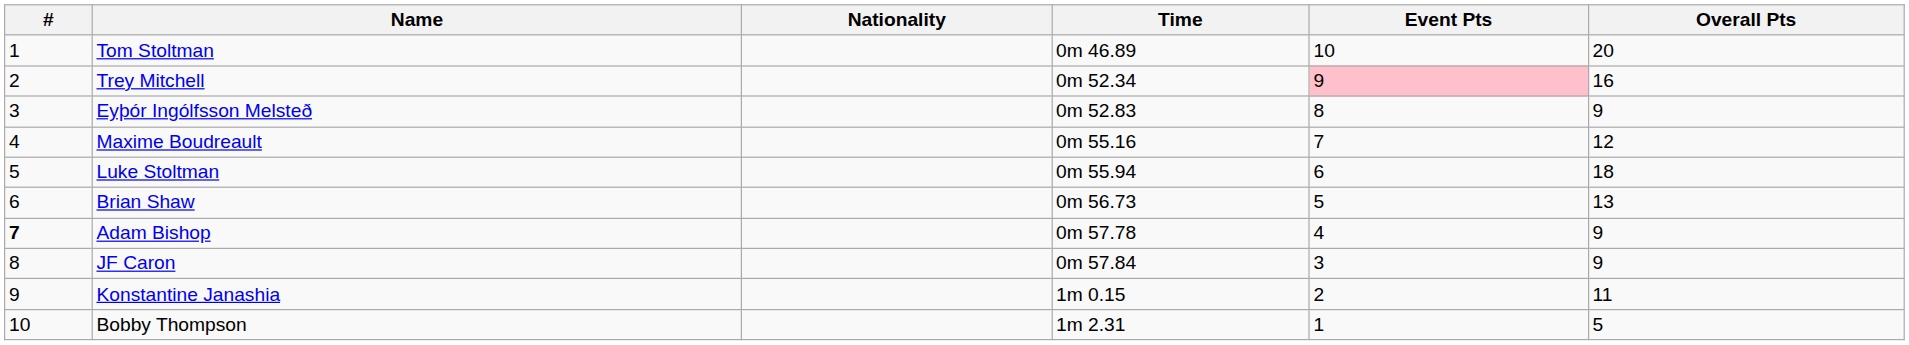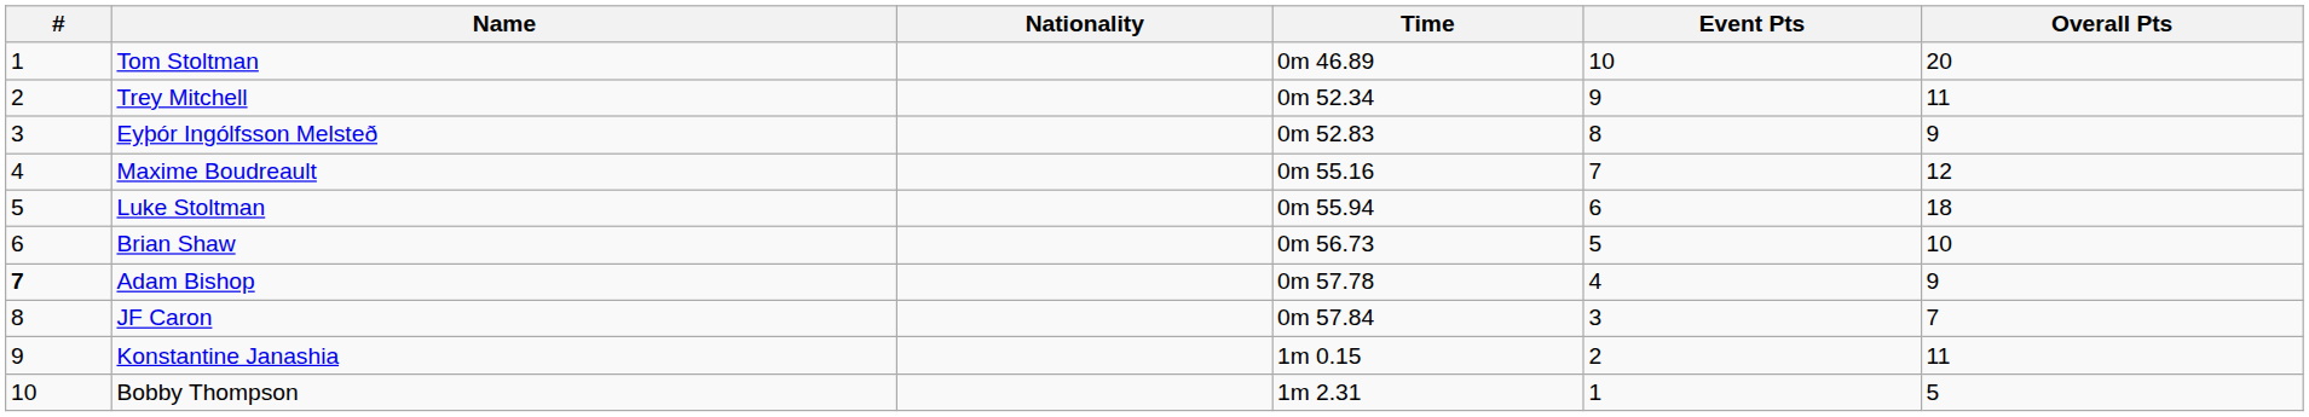 <table class="wikitable sortable" style="display: inline-table;width: 100%;">
 <tr>
 <th>#</th>
 <th>Name</th>
 <th>Nationality</th>
 <th>Time</th>
 <th>Event Pts</th>
 <th>Overall Pts</th>
 </tr>
 <tr>
 <td>1</td>
 <td><a href='#'>Tom Stoltman</a></td>
 <td></td>
 <td>0m 46.89</td>
 <td>10</td>
 <td>20</td>
 </tr>
 <tr>
 <td>2</td>
 <td><a href='#'>Trey Mitchell</a></td>
 <td></td>
 <td>0m 52.34</td>
-<td style="background: pink;">9</td>
-<td>16</td>
+<td>9</td>
+<td>11</td>
 </tr>
 <tr>
 <td>3</td>
 <td><a href='#'>Eyþór Ingólfsson Melsteð</a></td>
 <td></td>
 <td>0m 52.83</td>
 <td>8</td>
 <td>9</td>
 </tr>
 <tr>
 <td>4</td>
 <td><a href='#'>Maxime Boudreault</a></td>
 <td></td>
 <td>0m 55.16</td>
 <td>7</td>
 <td>12</td>
 </tr>
 <tr>
 <td>5</td>
 <td><a href='#'>Luke Stoltman</a></td>
 <td></td>
 <td>0m 55.94</td>
 <td>6</td>
 <td>18</td>
 </tr>
 <tr>
 <td>6</td>
 <td><a href='#'>Brian Shaw</a></td>
 <td></td>
 <td>0m 56.73</td>
 <td>5</td>
-<td>13</td>
+<td>10</td>
 </tr>
 <tr>
 <td><strong>7</strong></td>
 <td><a href='#'>Adam Bishop</a></td>
 <td></td>
 <td>0m 57.78</td>
 <td>4</td>
 <td>9</td>
 </tr>
 <tr>
 <td>8</td>
 <td><a href='#'>JF Caron</a></td>
 <td></td>
 <td>0m 57.84</td>
 <td>3</td>
-<td>9</td>
+<td>7</td>
 </tr>
 <tr>
 <td>9</td>
 <td><a href='#'>Konstantine Janashia</a></td>
 <td></td>
 <td>1m 0.15</td>
 <td>2</td>
 <td>11</td>
 </tr>
 <tr>
 <td>10</td>
 <td>Bobby Thompson</td>
 <td></td>
 <td>1m 2.31</td>
 <td>1</td>
 <td>5</td>
 </tr>
 </table>
